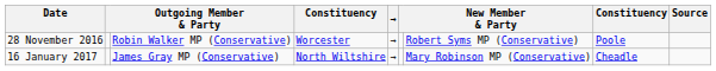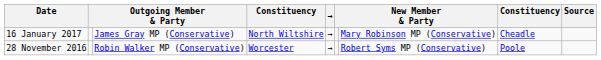 <table class="wikitable">
 <tr>
 <th valign="top">Date</th>
 <th colspan="2" valign="top">Outgoing Member<br>& Party</th>
 <th valign="top">Constituency</th>
 <th>→</th>
 <th colspan="2" valign="top">New Member<br>& Party</th>
 <th valign="top">Constituency</th>
 <th valign="top">Source</th>
+</tr>
+<tr>
+<td>16 January 2017</td>
+<td style="color:inherit;background:"></td>
+<td><a href='#'>James Gray</a> MP (<a href='#'>Conservative</a>)</td>
+<td><a href='#'>North Wiltshire</a></td>
+<td>→</td>
+<td style="color:inherit;background:"></td>
+<td><a href='#'>Mary Robinson</a> MP (<a href='#'>Conservative</a>)</td>
+<td><a href='#'>Cheadle</a></td>
+<td></td>
 </tr>
 <tr>
 <td>28 November 2016</td>
 <td style="color:inherit;background:"></td>
 <td><a href='#'>Robin Walker</a> MP (<a href='#'>Conservative</a>)</td>
 <td><a href='#'>Worcester</a></td>
 <td>→</td>
 <td style="color:inherit;background:"></td>
 <td><a href='#'>Robert Syms</a> MP (<a href='#'>Conservative</a>)</td>
 <td><a href='#'>Poole</a></td>
 <td></td>
 </tr>
-<tr>
-<td>16 January 2017</td>
-<td style="color:inherit;background:"></td>
-<td><a href='#'>James Gray</a> MP (<a href='#'>Conservative</a>)</td>
-<td><a href='#'>North Wiltshire</a></td>
-<td>→</td>
-<td style="color:inherit;background:"></td>
-<td><a href='#'>Mary Robinson</a> MP (<a href='#'>Conservative</a>)</td>
-<td><a href='#'>Cheadle</a></td>
-<td></td>
-</tr>
 </table>
